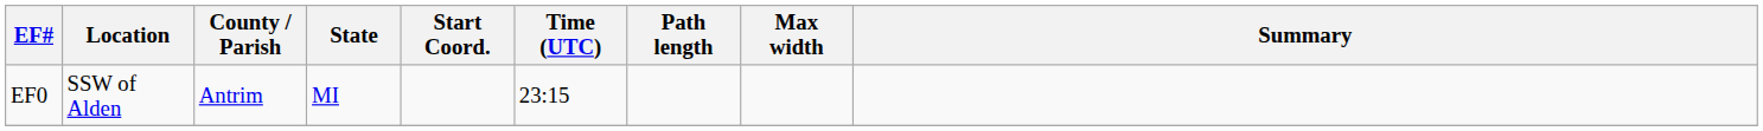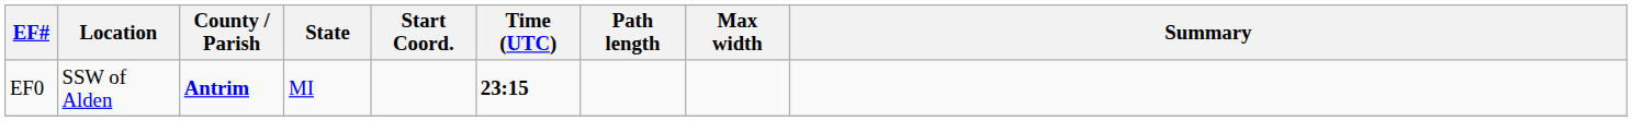 <table class="wikitable sortable" style="width:100%;">
 <tr>
 <th scope="col"  style="width:3%; text-align:center;"><a href='#'>EF#</a></th>
 <th scope="col"  style="width:7%; text-align:center;" class="unsortable">Location</th>
 <th scope="col"  style="width:6%; text-align:center;" class="unsortable">County / Parish</th>
 <th scope="col"  style="width:5%; text-align:center;">State</th>
 <th scope="col"  style="width:6%; text-align:center;">Start Coord.</th>
 <th scope="col"  style="width:6%; text-align:center;">Time (<a href='#'>UTC</a>)</th>
 <th scope="col"  style="width:6%; text-align:center;">Path length</th>
 <th scope="col"  style="width:6%; text-align:center;">Max width</th>
 <th scope="col" class="unsortable" style="width:48%; text-align:center;">Summary</th>
 </tr>
 <tr>
 <td>EF0</td>
 <td>SSW of <a href='#'>Alden</a></td>
-<td><a href='#'>Antrim</a></td>
+<td><strong><a href='#'>Antrim</a></strong></td>
 <td><a href='#'>MI</a></td>
 <td></td>
-<td>23:15</td>
+<td><strong>23:15</strong></td>
 <td></td>
 <td></td>
 <td></td>
 </tr>
 <tr>
 </tr>
 </table>
